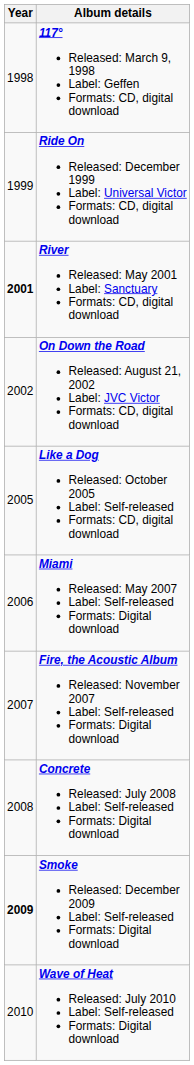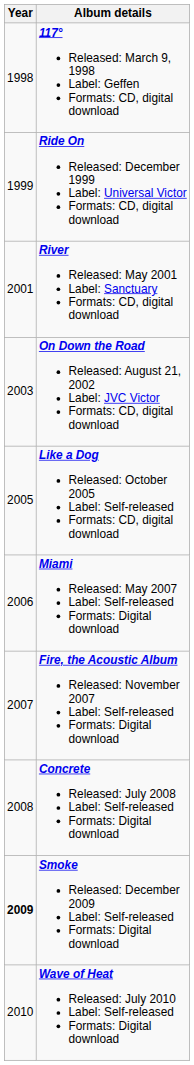 <table class="wikitable">
 <tr>
 <th>Year</th>
 <th width="200">Album details</th>
 </tr>
 <tr>
 <td>1998</td>
 <td><strong><em><a href='#'>117°</a></em></strong><br><ul><li>Released: March 9, 1998</li><li>Label: Geffen</li><li>Formats: CD, digital download</li></ul></td>
 </tr>
 <tr>
 <td>1999</td>
 <td><strong><em><a href='#'>Ride On</a></em></strong><br><ul><li>Released: December 1999</li><li>Label: <a href='#'>Universal Victor</a></li><li>Formats: CD, digital download</li></ul></td>
 </tr>
 <tr>
-<td><strong>2001</strong></td>
+<td>2001</td>
 <td><strong><em><a href='#'>River</a></em></strong><br><ul><li>Released: May 2001</li><li>Label: <a href='#'>Sanctuary</a></li><li>Formats: CD, digital download</li></ul></td>
 </tr>
 <tr>
-<td>2002</td>
+<td>2003</td>
 <td><strong><em><a href='#'>On Down the Road</a></em></strong><br><ul><li>Released: August 21, 2002</li><li>Label: <a href='#'>JVC Victor</a></li><li>Formats: CD, digital download</li></ul></td>
 </tr>
 <tr>
 <td>2005</td>
 <td><strong><em><a href='#'>Like a Dog</a></em></strong><br><ul><li>Released: October 2005</li><li>Label: Self-released</li><li>Formats: CD, digital download</li></ul></td>
 </tr>
 <tr>
 <td>2006</td>
 <td><strong><em><a href='#'>Miami</a></em></strong><br><ul><li>Released: May 2007</li><li>Label: Self-released</li><li>Formats: Digital download</li></ul></td>
 </tr>
 <tr>
 <td>2007</td>
 <td><strong><em><a href='#'>Fire, the Acoustic Album</a></em></strong><br><ul><li>Released: November 2007</li><li>Label: Self-released</li><li>Formats: Digital download</li></ul></td>
 </tr>
 <tr>
 <td>2008</td>
 <td><strong><em><a href='#'>Concrete</a></em></strong><br><ul><li>Released: July 2008</li><li>Label: Self-released</li><li>Formats: Digital download</li></ul></td>
 </tr>
 <tr>
 <td><strong>2009</strong></td>
 <td><strong><em><a href='#'>Smoke</a></em></strong><br><ul><li>Released: December 2009</li><li>Label: Self-released</li><li>Formats: Digital download</li></ul></td>
 </tr>
 <tr>
 <td>2010</td>
 <td><strong><em><a href='#'>Wave of Heat</a></em></strong><br><ul><li>Released: July 2010</li><li>Label: Self-released</li><li>Formats: Digital download</li></ul></td>
 </tr>
 </table>
